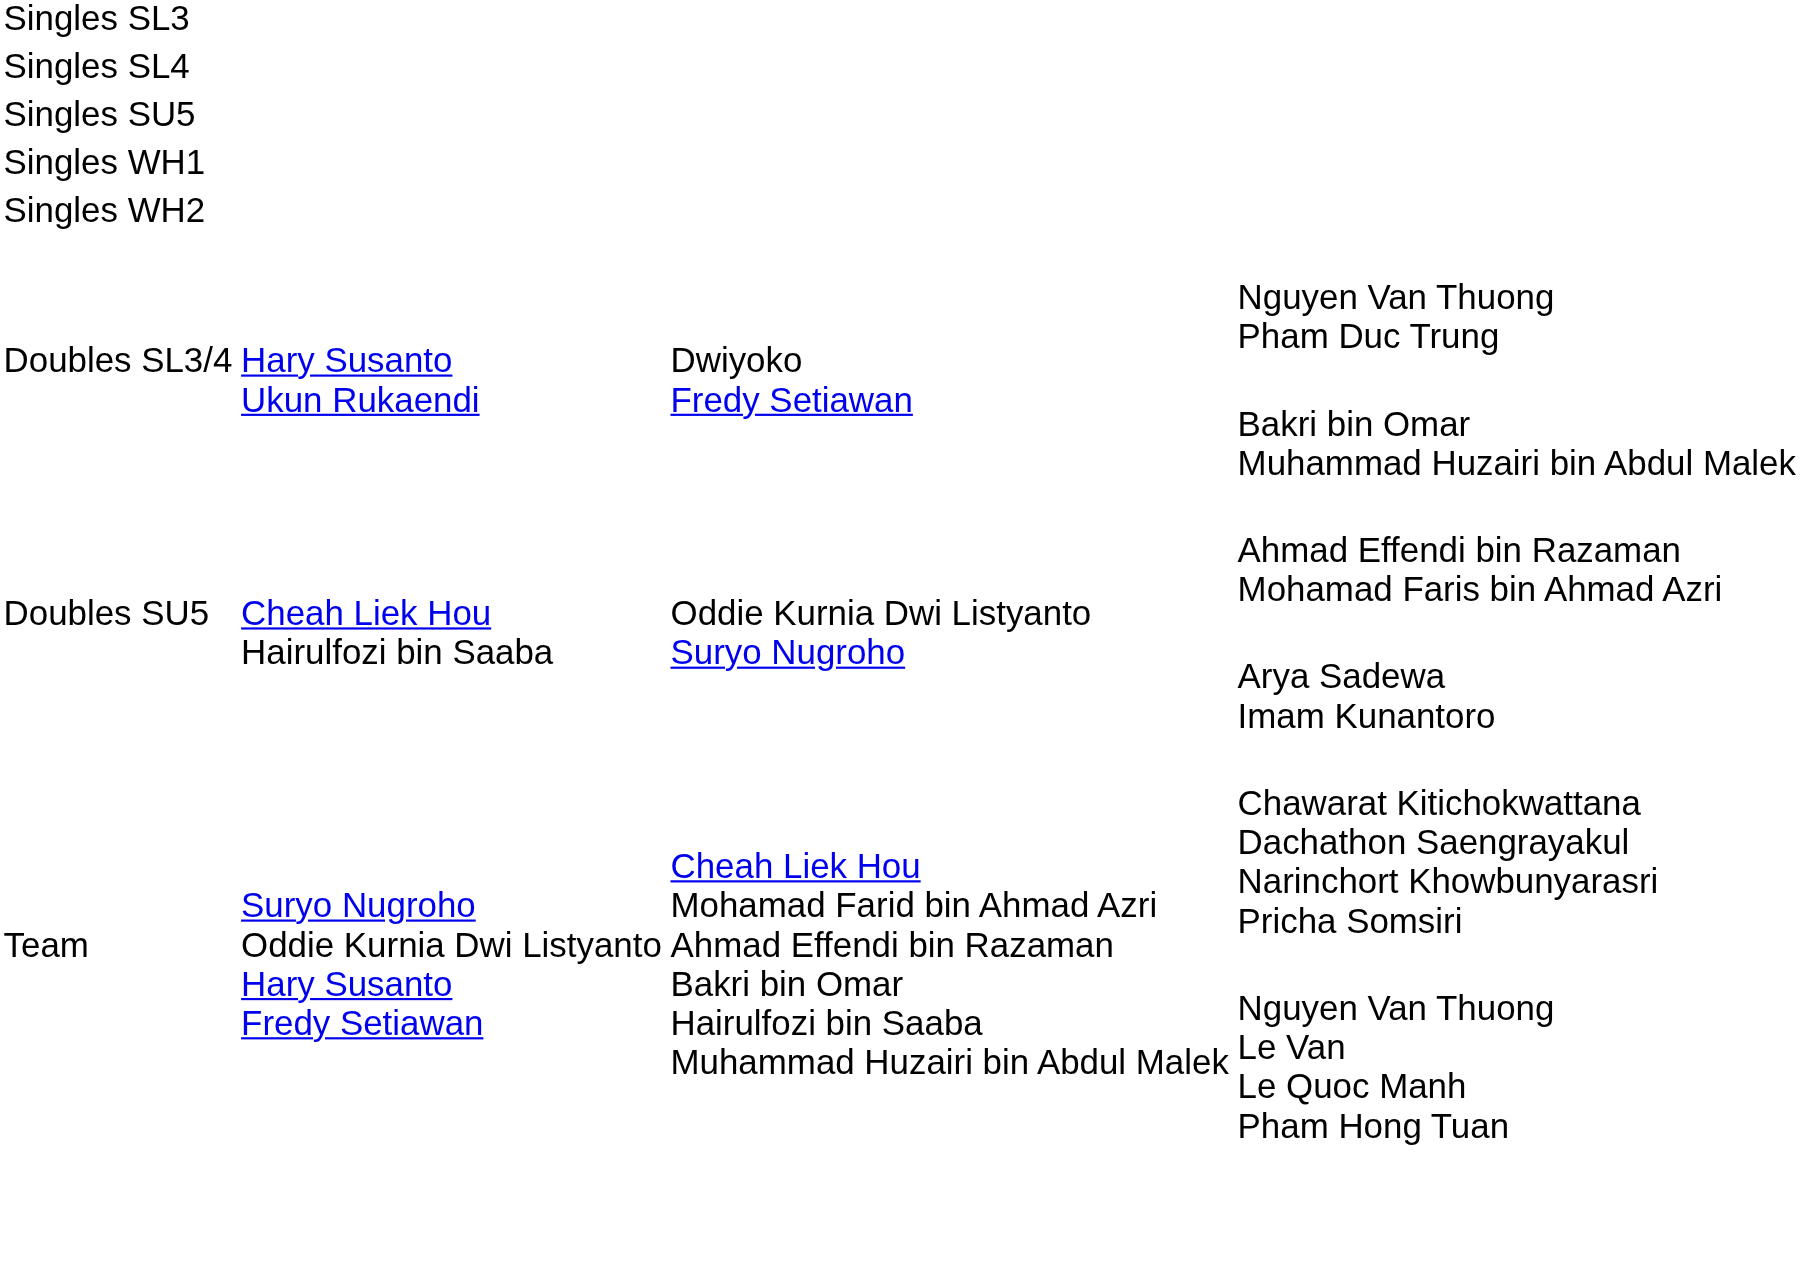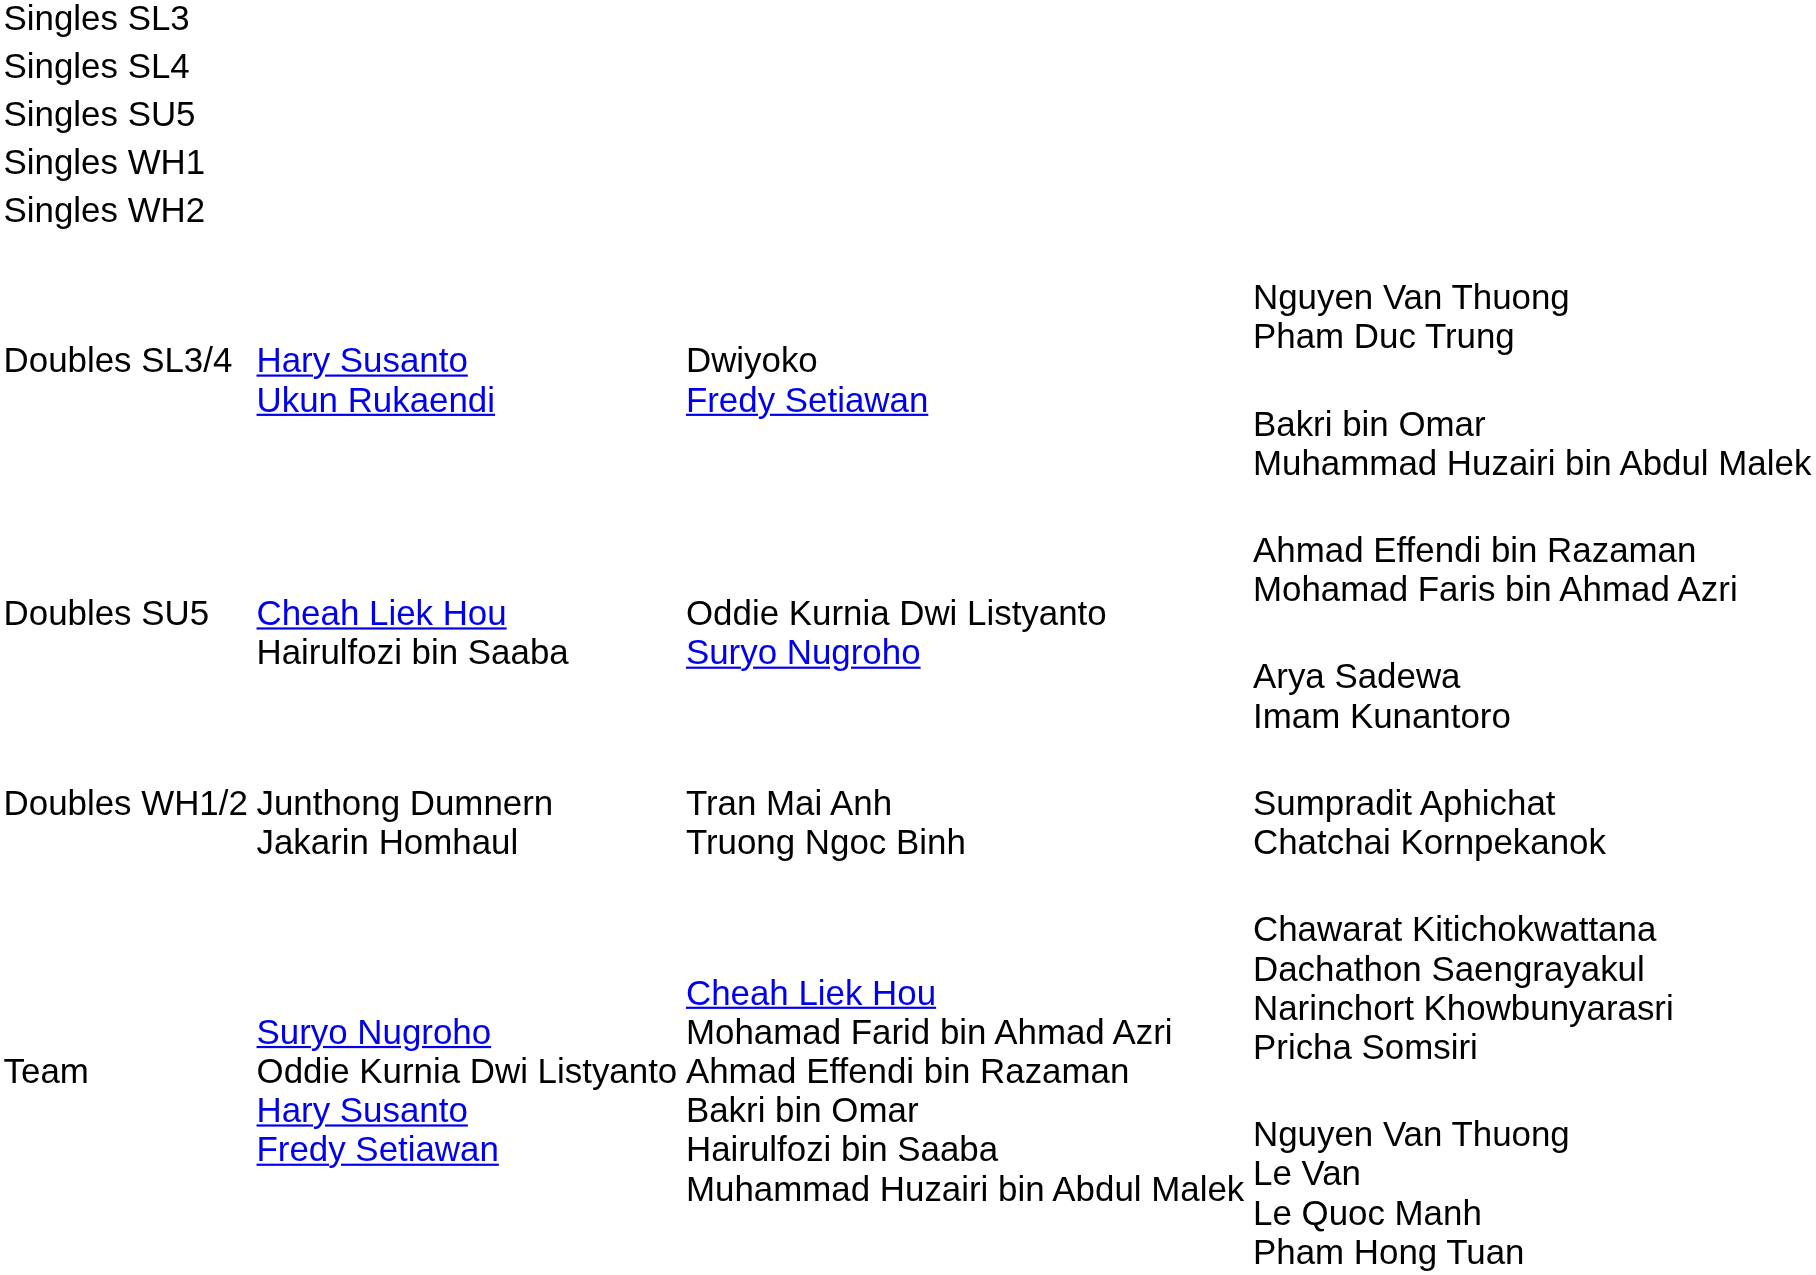 <table>
 <tr>
 <td rowspan=2>Singles SL3</td>
 <td rowspan=2></td>
 <td rowspan=2></td>
 <td></td>
 </tr>
 <tr>
 <td></td>
 </tr>
 <tr>
 <td rowspan=2>Singles SL4</td>
 <td rowspan=2></td>
 <td rowspan=2></td>
 <td></td>
 </tr>
 <tr>
 <td></td>
 </tr>
 <tr>
 <td rowspan=2>Singles SU5</td>
 <td rowspan=2></td>
 <td rowspan=2></td>
 <td></td>
 </tr>
 <tr>
 <td></td>
 </tr>
 <tr>
 <td rowspan=2>Singles WH1</td>
 <td rowspan=2></td>
 <td rowspan=2></td>
 <td></td>
 </tr>
 <tr>
 <td></td>
 </tr>
 <tr>
 <td rowspan=2>Singles WH2</td>
 <td rowspan=2></td>
 <td rowspan=2></td>
 <td></td>
 </tr>
 <tr>
 <td></td>
 </tr>
 <tr>
 <td rowspan=2>Doubles SL3/4</td>
 <td rowspan=2><br><a href='#'>Hary Susanto</a><br><a href='#'>Ukun Rukaendi</a></td>
 <td rowspan=2><br>Dwiyoko<br><a href='#'>Fredy Setiawan</a></td>
 <td><br>Nguyen Van Thuong<br>Pham Duc Trung</td>
 </tr>
 <tr>
 <td><br>Bakri bin Omar<br>Muhammad Huzairi bin Abdul Malek</td>
 </tr>
 <tr>
 <td rowspan=2>Doubles SU5</td>
 <td rowspan=2><br><a href='#'>Cheah Liek Hou</a><br>Hairulfozi bin Saaba</td>
 <td rowspan=2><br>Oddie Kurnia Dwi Listyanto<br><a href='#'>Suryo Nugroho</a></td>
 <td><br>Ahmad Effendi bin Razaman<br>Mohamad Faris bin Ahmad Azri</td>
 </tr>
 <tr>
 <td><br>Arya Sadewa<br>Imam Kunantoro</td>
 </tr>
 <tr>
+<td>Doubles WH1/2</td>
+<td><br>Junthong Dumnern<br>Jakarin Homhaul</td>
+<td><br>Tran Mai Anh<br>Truong Ngoc Binh</td>
+<td><br>Sumpradit Aphichat<br>Chatchai Kornpekanok</td>
+</tr>
+<tr>
 <td rowspan=2>Team</td>
 <td rowspan=2><br><a href='#'>Suryo Nugroho</a><br>Oddie Kurnia Dwi Listyanto<br><a href='#'>Hary Susanto</a><br><a href='#'>Fredy Setiawan</a></td>
 <td rowspan=2><br><a href='#'>Cheah Liek Hou</a><br>Mohamad Farid bin Ahmad Azri<br>Ahmad Effendi bin Razaman<br>Bakri bin Omar<br>Hairulfozi bin Saaba<br>Muhammad Huzairi bin Abdul Malek</td>
 <td><br>Chawarat Kitichokwattana<br>Dachathon Saengrayakul<br>Narinchort Khowbunyarasri<br>Pricha Somsiri</td>
 </tr>
 <tr>
 <td><br>Nguyen Van Thuong<br>Le Van<br>Le Quoc Manh<br>Pham Hong Tuan</td>
 </tr>
 </table>
